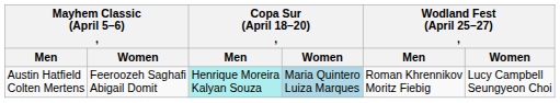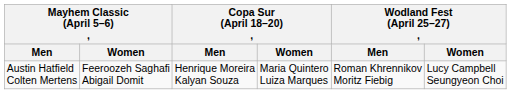 <table class="wikitable">
 <tr>
 <th colspan="2">Mayhem Classic <br>(April 5–6)<br> , </th>
 <th colspan="2">Copa Sur<br>(April 18–20)<br>, </th>
 <th colspan="2">Wodland Fest<br>(April 25–27)<br>, </th>
 </tr>
 <tr>
 <th>Men</th>
 <th>Women</th>
 <th>Men</th>
 <th>Women</th>
 <th>Men</th>
 <th>Women</th>
 </tr>
 <tr>
 <td> Austin Hatfield<br> Colten Mertens</td>
 <td> Feeroozeh Saghafi<br> Abigail Domit</td>
-<td style="background: paleturquoise;"> Henrique Moreira<br> Kalyan Souza</td>
-<td style="background: lightblue;"> Maria Quintero<br> Luiza Marques</td>
+<td> Henrique Moreira<br> Kalyan Souza</td>
+<td> Maria Quintero<br> Luiza Marques</td>
 <td> Roman Khrennikov<br> Moritz Fiebig</td>
 <td> Lucy Campbell<br> Seungyeon Choi</td>
 </tr>
 </table>
